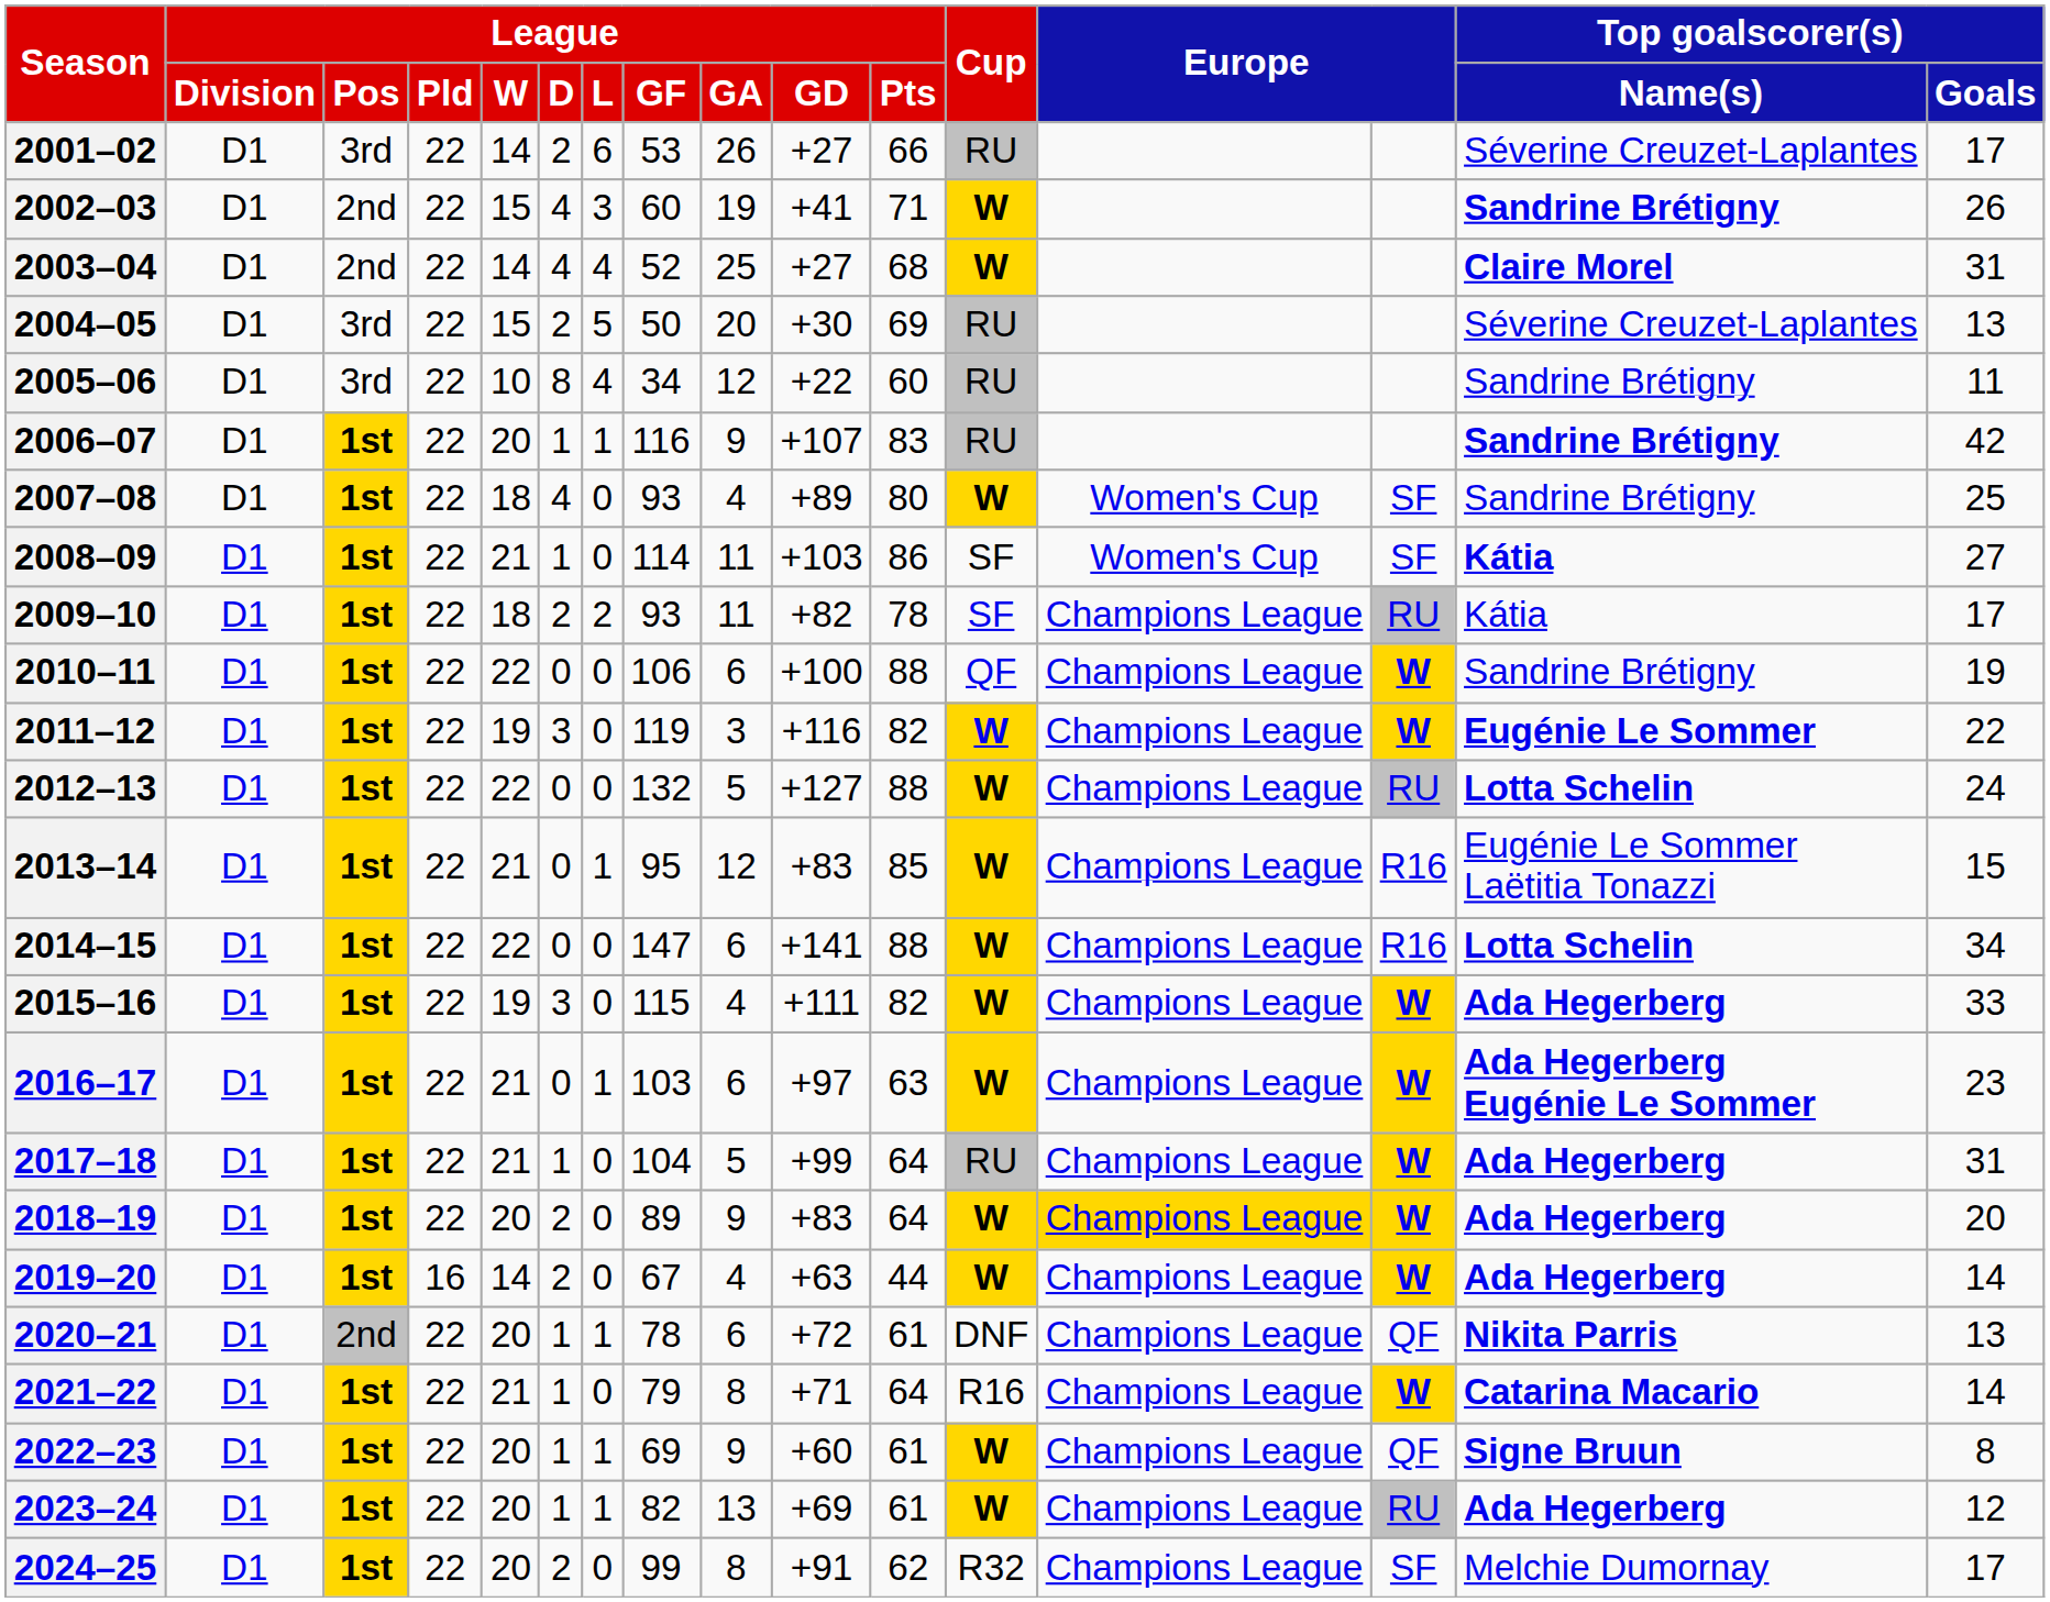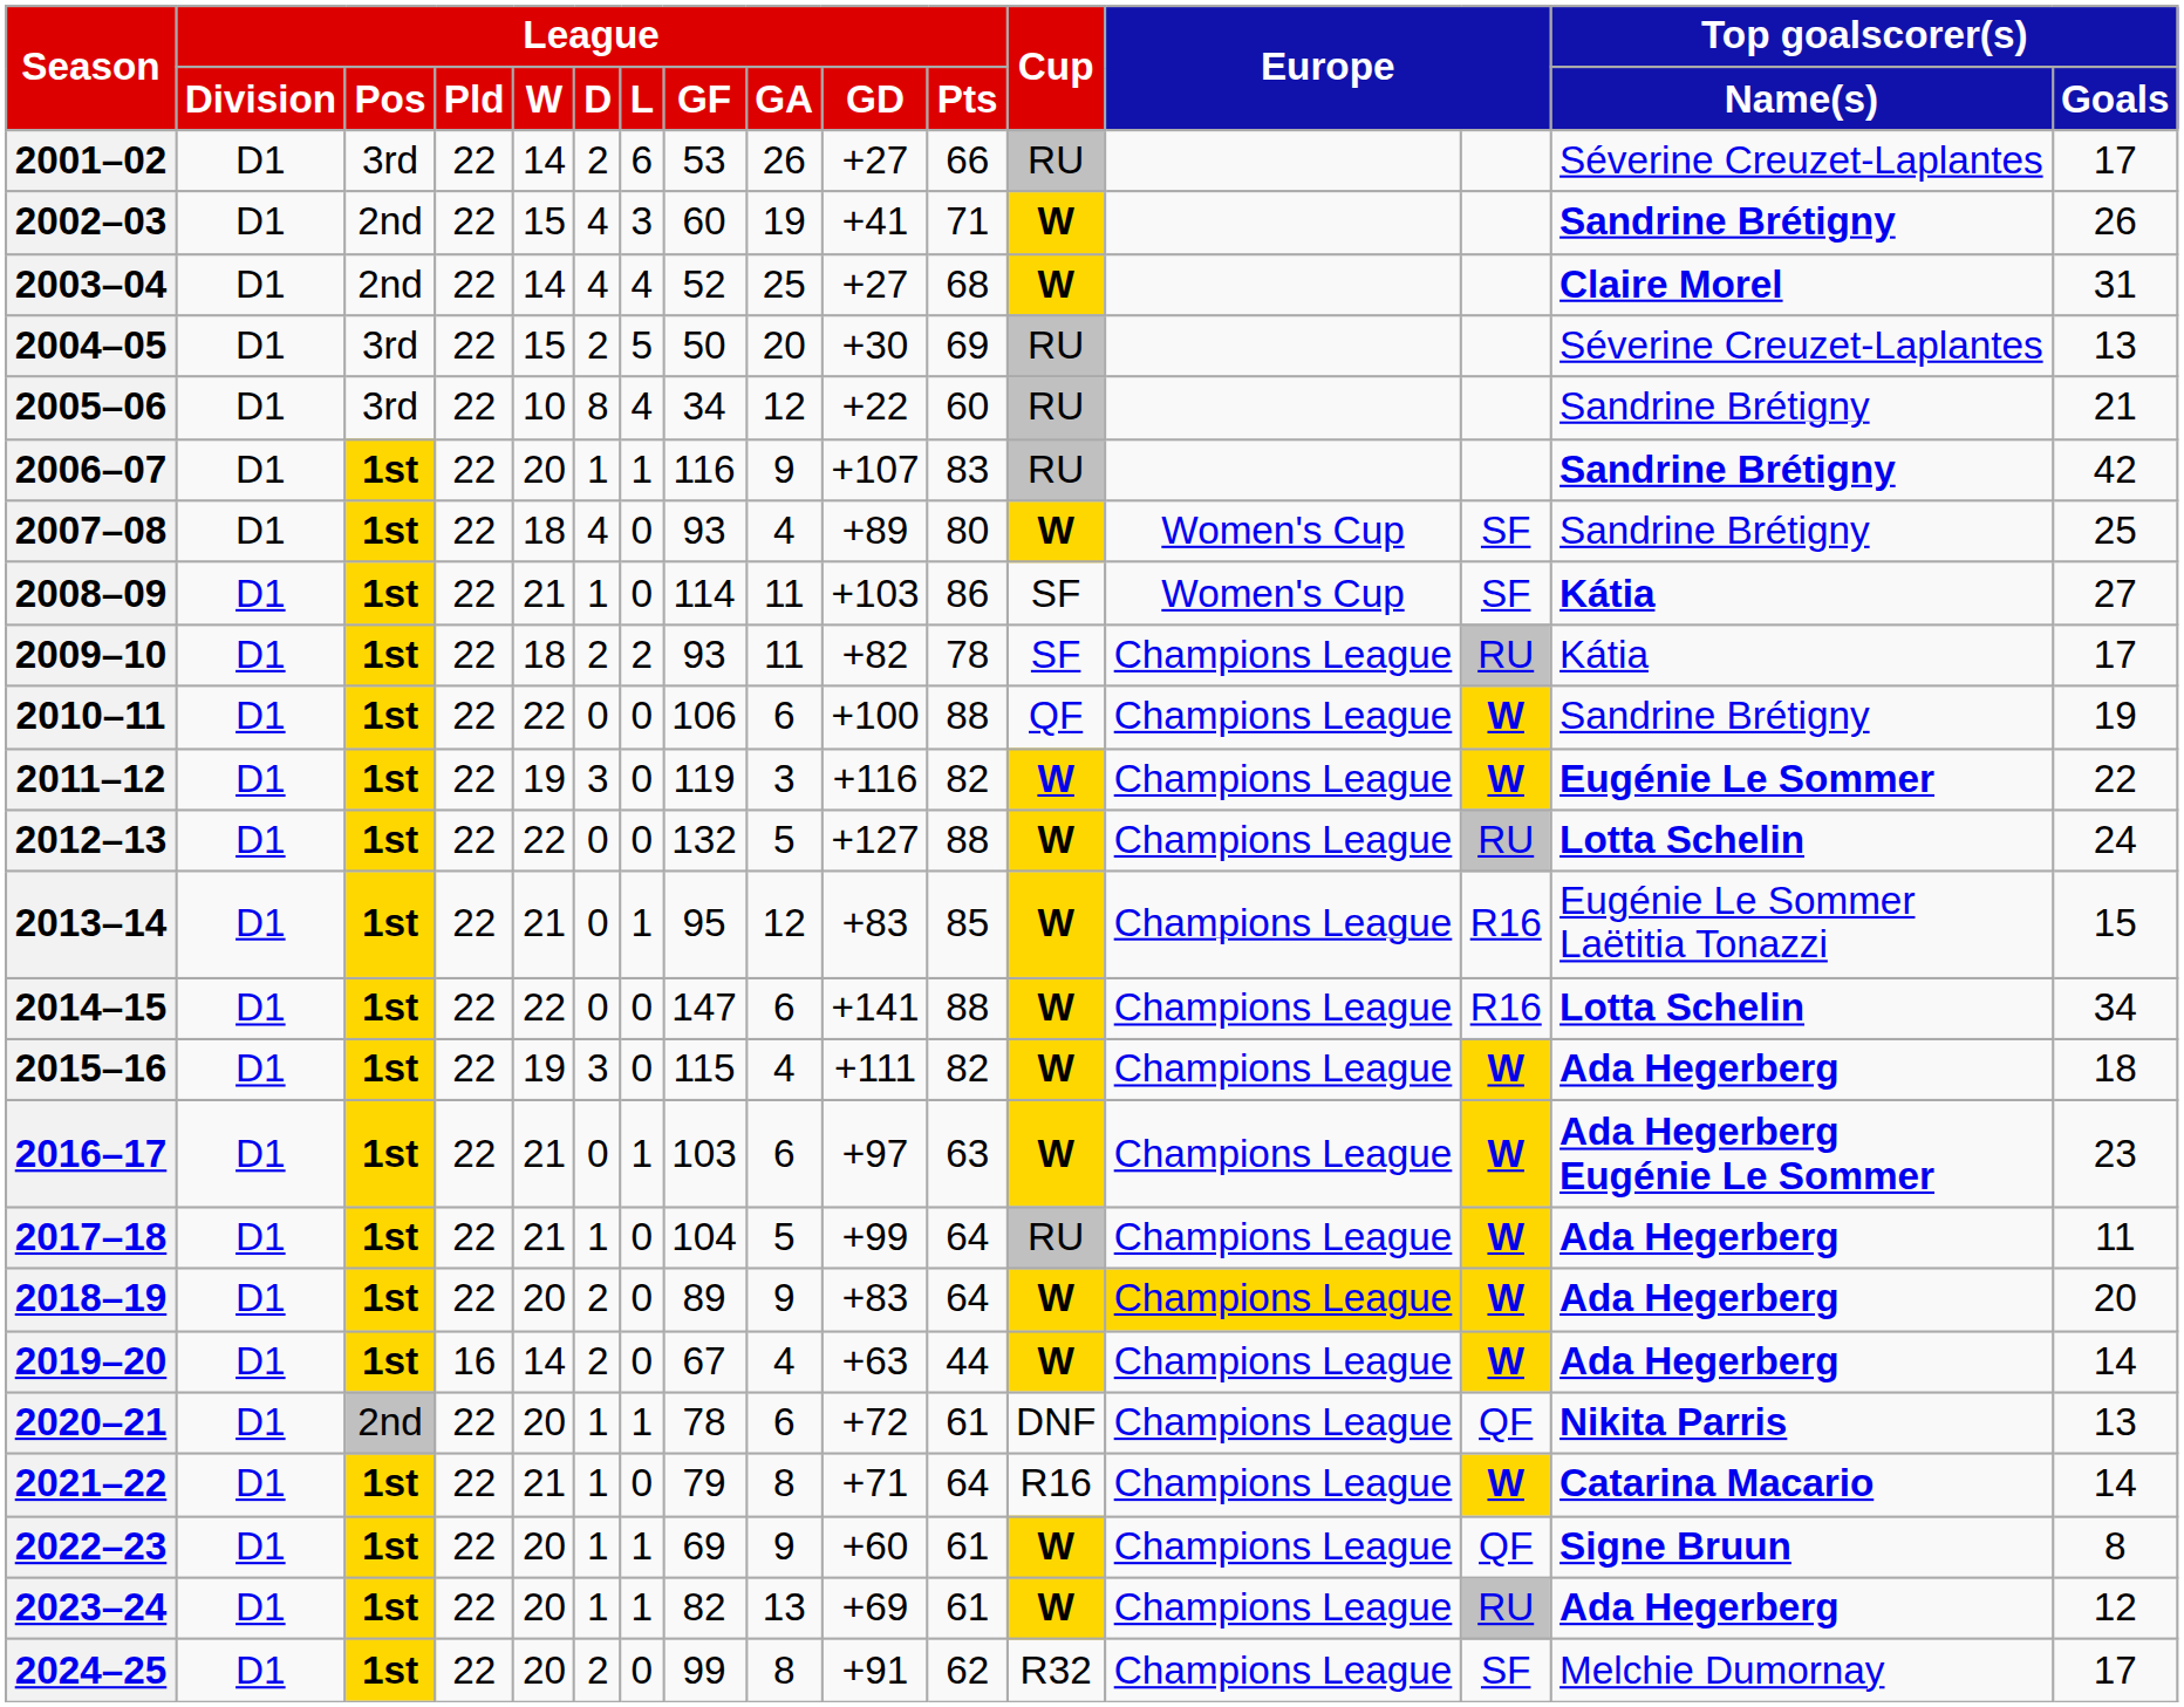 <table class="wikitable" style="text-align:center">
 <tr>
 <th rowspan=2; style="background:#DD0000; color:white">Season</th>
 <th colspan=10; style="background:#DD0000; color:white">League</th>
 <th rowspan=2; style="background:#DD0000; color:white">Cup</th>
 <th rowspan=2 colspan=2 style="background:#1112AB; color:white">Europe</th>
 <th colspan=2; style="background:#1112AB; color:white">Top goalscorer(s)</th>
 </tr>
 <tr>
 <th style="background:#DD0000; color:white">Division</th>
 <th style="background:#DD0000; color:white">Pos</th>
 <th style="background:#DD0000; color:white">Pld</th>
 <th style="background:#DD0000; color:white">W</th>
 <th style="background:#DD0000; color:white">D</th>
 <th style="background:#DD0000; color:white">L</th>
 <th style="background:#DD0000; color:white">GF</th>
 <th style="background:#DD0000; color:white">GA</th>
 <th style="background:#DD0000; color:white">GD</th>
 <th style="background:#DD0000; color:white">Pts</th>
 <th style="background:#1112AB; color:white">Name(s)</th>
 <th style="background:#1112AB; color:white">Goals</th>
 </tr>
 <tr>
 <th>2001–02</th>
 <td>D1</td>
 <td>3rd</td>
 <td>22</td>
 <td>14</td>
 <td>2</td>
 <td>6</td>
 <td>53</td>
 <td>26</td>
 <td>+27</td>
 <td>66</td>
 <td style="background:silver">RU</td>
 <td></td>
 <td></td>
 <td style="text-align:left"> <a href='#'>Séverine Creuzet-Laplantes</a></td>
 <td>17</td>
 </tr>
 <tr>
 <th>2002–03</th>
 <td>D1</td>
 <td bgcoloer=silver>2nd</td>
 <td>22</td>
 <td>15</td>
 <td>4</td>
 <td>3</td>
 <td>60</td>
 <td>19</td>
 <td>+41</td>
 <td>71</td>
 <td style="background:gold"><strong>W</strong></td>
 <td></td>
 <td></td>
 <td style="text-align:left"> <strong><a href='#'>Sandrine Brétigny</a></strong></td>
 <td>26</td>
 </tr>
 <tr>
 <th>2003–04</th>
 <td>D1</td>
 <td bgcoloer=silver>2nd</td>
 <td>22</td>
 <td>14</td>
 <td>4</td>
 <td>4</td>
 <td>52</td>
 <td>25</td>
 <td>+27</td>
 <td>68</td>
 <td style="background:gold"><strong>W</strong></td>
 <td></td>
 <td></td>
 <td style="text-align:left"> <strong><a href='#'>Claire Morel</a></strong></td>
 <td>31</td>
 </tr>
 <tr>
 <th>2004–05</th>
 <td>D1</td>
 <td>3rd</td>
 <td>22</td>
 <td>15</td>
 <td>2</td>
 <td>5</td>
 <td>50</td>
 <td>20</td>
 <td>+30</td>
 <td>69</td>
 <td style="background:silver">RU</td>
 <td></td>
 <td></td>
 <td style="text-align:left"> <a href='#'>Séverine Creuzet-Laplantes</a></td>
 <td>13</td>
 </tr>
 <tr>
 <th>2005–06</th>
 <td>D1</td>
 <td>3rd</td>
 <td>22</td>
 <td>10</td>
 <td>8</td>
 <td>4</td>
 <td>34</td>
 <td>12</td>
 <td>+22</td>
 <td>60</td>
 <td style="background:silver">RU</td>
 <td></td>
 <td></td>
 <td style="text-align:left"> <a href='#'>Sandrine Brétigny</a></td>
-<td>11</td>
+<td>21</td>
 </tr>
 <tr>
 <th>2006–07</th>
 <td>D1</td>
 <td style="background:gold"><strong>1st</strong></td>
 <td>22</td>
 <td>20</td>
 <td>1</td>
 <td>1</td>
 <td>116</td>
 <td>9</td>
 <td>+107</td>
 <td>83</td>
 <td style="background:silver">RU</td>
 <td></td>
 <td></td>
 <td style="text-align:left"> <strong><a href='#'>Sandrine Brétigny</a></strong></td>
 <td>42</td>
 </tr>
 <tr>
 <th>2007–08</th>
 <td>D1</td>
 <td style="background:gold"><strong>1st</strong></td>
 <td>22</td>
 <td>18</td>
 <td>4</td>
 <td>0</td>
 <td>93</td>
 <td>4</td>
 <td>+89</td>
 <td>80</td>
 <td style="background:gold"><strong>W</strong></td>
 <td><a href='#'>Women's Cup</a></td>
 <td><a href='#'>SF</a></td>
 <td style="text-align:left"> <a href='#'>Sandrine Brétigny</a></td>
 <td>25</td>
 </tr>
 <tr>
 <th>2008–09</th>
 <td><a href='#'>D1</a></td>
 <td style="background:gold"><strong>1st</strong></td>
 <td>22</td>
 <td>21</td>
 <td>1</td>
 <td>0</td>
 <td>114</td>
 <td>11</td>
 <td>+103</td>
 <td>86</td>
 <td>SF</td>
 <td><a href='#'>Women's Cup</a></td>
 <td><a href='#'>SF</a></td>
 <td style="text-align:left"> <strong><a href='#'>Kátia</a></strong></td>
 <td>27</td>
 </tr>
 <tr>
 <th>2009–10</th>
 <td><a href='#'>D1</a></td>
 <td style="background:gold"><strong>1st</strong></td>
 <td>22</td>
 <td>18</td>
 <td>2</td>
 <td>2</td>
 <td>93</td>
 <td>11</td>
 <td>+82</td>
 <td>78</td>
 <td><a href='#'>SF</a></td>
 <td><a href='#'>Champions League</a></td>
 <td style="background:silver"><a href='#'>RU</a></td>
 <td style="text-align:left"> <a href='#'>Kátia</a></td>
 <td>17</td>
 </tr>
 <tr>
 <th>2010–11</th>
 <td><a href='#'>D1</a></td>
 <td style="background:gold"><strong>1st</strong></td>
 <td>22</td>
 <td>22</td>
 <td>0</td>
 <td>0</td>
 <td>106</td>
 <td>6</td>
 <td>+100</td>
 <td>88</td>
 <td><a href='#'>QF</a></td>
 <td><a href='#'>Champions League</a></td>
 <td style="background:gold"><strong><a href='#'>W</a></strong></td>
 <td style="text-align:left"> <a href='#'>Sandrine Brétigny</a></td>
 <td>19</td>
 </tr>
 <tr>
 <th>2011–12</th>
 <td><a href='#'>D1</a></td>
 <td style="background:gold"><strong>1st</strong></td>
 <td>22</td>
 <td>19</td>
 <td>3</td>
 <td>0</td>
 <td>119</td>
 <td>3</td>
 <td>+116</td>
 <td>82</td>
 <td style="background:gold"><strong><a href='#'>W</a></strong></td>
 <td><a href='#'>Champions League</a></td>
 <td style="background:gold"><strong><a href='#'>W</a></strong></td>
 <td style="text-align:left"> <strong><a href='#'>Eugénie Le Sommer</a></strong></td>
 <td>22</td>
 </tr>
 <tr>
 <th>2012–13</th>
 <td><a href='#'>D1</a></td>
 <td style="background:gold"><strong>1st</strong></td>
 <td>22</td>
 <td>22</td>
 <td>0</td>
 <td>0</td>
 <td>132</td>
 <td>5</td>
 <td>+127</td>
 <td>88</td>
 <td style="background:gold"><strong>W</strong></td>
 <td><a href='#'>Champions League</a></td>
 <td style="background:silver"><a href='#'>RU</a></td>
 <td style="text-align:left"> <strong><a href='#'>Lotta Schelin</a></strong></td>
 <td>24</td>
 </tr>
 <tr>
 <th>2013–14</th>
 <td><a href='#'>D1</a></td>
 <td style="background:gold"><strong>1st</strong></td>
 <td>22</td>
 <td>21</td>
 <td>0</td>
 <td>1</td>
 <td>95</td>
 <td>12</td>
 <td>+83</td>
 <td>85</td>
 <td style="background:gold"><strong>W</strong></td>
 <td><a href='#'>Champions League</a></td>
 <td><a href='#'>R16</a></td>
 <td style="text-align:left"> <a href='#'>Eugénie Le Sommer</a><br> <a href='#'>Laëtitia Tonazzi</a></td>
 <td>15</td>
 </tr>
 <tr>
 <th>2014–15</th>
 <td><a href='#'>D1</a></td>
 <td style="background:gold"><strong>1st</strong></td>
 <td>22</td>
 <td>22</td>
 <td>0</td>
 <td>0</td>
 <td>147</td>
 <td>6</td>
 <td>+141</td>
 <td>88</td>
 <td style="background:gold"><strong>W</strong></td>
 <td><a href='#'>Champions League</a></td>
 <td><a href='#'>R16</a></td>
 <td style="text-align:left"> <strong><a href='#'>Lotta Schelin</a></strong></td>
 <td>34</td>
 </tr>
 <tr>
 <th>2015–16</th>
 <td><a href='#'>D1</a></td>
 <td style="background:gold"><strong>1st</strong></td>
 <td>22</td>
 <td>19</td>
 <td>3</td>
 <td>0</td>
 <td>115</td>
 <td>4</td>
 <td>+111</td>
 <td>82</td>
 <td style="background:gold"><strong>W</strong></td>
 <td><a href='#'>Champions League</a></td>
 <td style="background:gold"><a href='#'><strong>W</strong></a></td>
 <td style="text-align:left"> <strong><a href='#'>Ada Hegerberg</a></strong></td>
-<td>33</td>
+<td>18</td>
 </tr>
 <tr>
 <th><a href='#'>2016–17</a></th>
 <td><a href='#'>D1</a></td>
 <td style="background:gold"><strong>1st</strong></td>
 <td>22</td>
 <td>21</td>
 <td>0</td>
 <td>1</td>
 <td>103</td>
 <td>6</td>
 <td>+97</td>
 <td>63</td>
 <td style="background:gold"><strong>W</strong></td>
 <td><a href='#'>Champions League</a></td>
 <td style="background:gold"><a href='#'><strong>W</strong></a></td>
 <td style="text-align:left"> <strong><a href='#'>Ada Hegerberg</a></strong><br> <strong><a href='#'>Eugénie Le Sommer</a></strong></td>
 <td>23</td>
 </tr>
 <tr>
 <th><a href='#'>2017–18</a></th>
 <td><a href='#'>D1</a></td>
 <td style="background:gold"><strong>1st</strong></td>
 <td>22</td>
 <td>21</td>
 <td>1</td>
 <td>0</td>
 <td>104</td>
 <td>5</td>
 <td>+99</td>
 <td>64</td>
 <td style="background:silver">RU</td>
 <td><a href='#'>Champions League</a></td>
 <td style="background:gold"><a href='#'><strong>W</strong></a></td>
 <td style="text-align:left"> <strong><a href='#'>Ada Hegerberg</a></strong></td>
-<td>31</td>
+<td>11</td>
 </tr>
 <tr>
 <th><a href='#'>2018–19</a></th>
 <td><a href='#'>D1</a></td>
 <td style="background:gold"><strong>1st</strong></td>
 <td>22</td>
 <td>20</td>
 <td>2</td>
 <td>0</td>
 <td>89</td>
 <td>9</td>
 <td>+83</td>
 <td>64</td>
 <td style="background:gold"><strong>W</strong></td>
 <td style="background: gold;"><a href='#'>Champions League</a></td>
 <td style="background:gold"><a href='#'><strong>W</strong></a></td>
 <td style="text-align:left"> <strong><a href='#'>Ada Hegerberg</a></strong></td>
 <td>20</td>
 </tr>
 <tr>
 <th><a href='#'>2019–20</a></th>
 <td><a href='#'>D1</a></td>
 <td style="background:gold"><strong>1st</strong></td>
 <td>16</td>
 <td>14</td>
 <td>2</td>
 <td>0</td>
 <td>67</td>
 <td>4</td>
 <td>+63</td>
 <td>44</td>
 <td style="background:gold"><strong>W</strong></td>
 <td><a href='#'>Champions League</a></td>
 <td style="background:gold"><a href='#'><strong>W</strong></a></td>
 <td style="text-align:left"> <strong><a href='#'>Ada Hegerberg</a></strong></td>
 <td>14</td>
 </tr>
 <tr>
 <th><a href='#'>2020–21</a></th>
 <td><a href='#'>D1</a></td>
 <td style="background:silver">2nd</td>
 <td>22</td>
 <td>20</td>
 <td>1</td>
 <td>1</td>
 <td>78</td>
 <td>6</td>
 <td>+72</td>
 <td>61</td>
 <td>DNF</td>
 <td><a href='#'>Champions League</a></td>
 <td><a href='#'>QF</a></td>
 <td style="text-align:left"> <strong><a href='#'>Nikita Parris</a></strong></td>
 <td>13</td>
 </tr>
 <tr>
 <th><a href='#'>2021–22</a></th>
 <td><a href='#'>D1</a></td>
 <td style="background:gold"><strong>1st</strong></td>
 <td>22</td>
 <td>21</td>
 <td>1</td>
 <td>0</td>
 <td>79</td>
 <td>8</td>
 <td>+71</td>
 <td>64</td>
 <td>R16</td>
 <td><a href='#'>Champions League</a></td>
 <td style="background:gold"><a href='#'><strong>W</strong></a></td>
 <td style="text-align:left"> <strong><a href='#'>Catarina Macario</a></strong></td>
 <td>14</td>
 </tr>
 <tr>
 <th><a href='#'>2022–23</a></th>
 <td><a href='#'>D1</a></td>
 <td style="background:gold"><strong>1st</strong></td>
 <td>22</td>
 <td>20</td>
 <td>1</td>
 <td>1</td>
 <td>69</td>
 <td>9</td>
 <td>+60</td>
 <td>61</td>
 <td style="background:gold"><strong>W</strong></td>
 <td><a href='#'>Champions League</a></td>
 <td><a href='#'>QF</a></td>
 <td style="text-align:left"><strong><a href='#'>Signe Bruun</a></strong></td>
 <td>8</td>
 </tr>
 <tr>
 <th><a href='#'>2023–24</a></th>
 <td><a href='#'>D1</a></td>
 <td style="background:gold"><strong>1st</strong></td>
 <td>22</td>
 <td>20</td>
 <td>1</td>
 <td>1</td>
 <td>82</td>
 <td>13</td>
 <td>+69</td>
 <td>61</td>
 <td style="background:gold"><strong>W</strong></td>
 <td><a href='#'>Champions League</a></td>
 <td style="background:silver"><a href='#'>RU</a></td>
 <td style="text-align:left"><strong><a href='#'>Ada Hegerberg</a></strong></td>
 <td>12</td>
 </tr>
 <tr>
 <th><a href='#'>2024–25</a></th>
 <td><a href='#'>D1</a></td>
 <td style="background:gold"><strong>1st</strong></td>
 <td>22</td>
 <td>20</td>
 <td>2</td>
 <td>0</td>
 <td>99</td>
 <td>8</td>
 <td>+91</td>
 <td>62</td>
 <td>R32</td>
 <td><a href='#'>Champions League</a></td>
 <td><a href='#'>SF</a></td>
 <td style="text-align:left"> <a href='#'>Melchie Dumornay</a></td>
 <td>17</td>
 </tr>
 </table>
